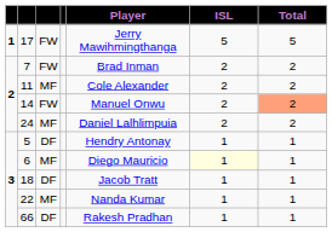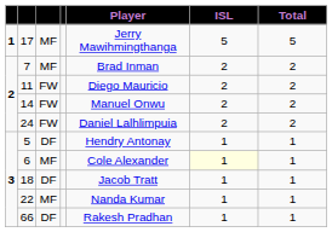 <table class="wikitable" style="font-size: 95%; text-align: center;">
 <tr>
 <th rowspan="1" style="background:#000000; color:#C47CD2; !width=15"></th>
 <th rowspan="1" style="background:#000000; color:#C47CD2; !width=15"></th>
 <th rowspan="1" style="background:#000000; color:#C47CD2; !width=15"></th>
 <th rowspan="1" style="background:#000000; color:#C47CD2; !width=15"></th>
 <th width=150 style="background:#000000; color:#C47CD2;">Player</th>
 <th width=80 style="background:#000000; color:#C47CD2;">ISL</th>
 <th width=80 style="background:#000000; color:#C47CD2;">Total</th>
 </tr>
 <tr>
 <td rowspan=1><strong>1</strong></td>
 <td>17</td>
-<td>FW</td>
+<td>MF</td>
 <td></td>
 <td><a href='#'>Jerry Mawihmingthanga</a></td>
 <td>5</td>
 <td>5</td>
 </tr>
 <tr>
 <td rowspan=4><strong>2</strong></td>
 <td>7</td>
-<td>FW</td>
+<td>MF</td>
 <td></td>
 <td><a href='#'>Brad Inman</a></td>
 <td>2</td>
 <td>2</td>
 </tr>
 <tr>
 <td>11</td>
-<td>MF</td>
+<td>FW</td>
 <td></td>
-<td><a href='#'>Cole Alexander</a></td>
+<td><a href='#'>Diego Mauricio</a></td>
 <td>2</td>
 <td>2</td>
 </tr>
 <tr>
 <td>14</td>
 <td>FW</td>
 <td></td>
 <td><a href='#'>Manuel Onwu</a></td>
 <td>2</td>
-<td style="background: lightsalmon;">2</td>
+<td>2</td>
 </tr>
 <tr>
 <td>24</td>
-<td>MF</td>
+<td>FW</td>
 <td></td>
 <td><a href='#'>Daniel Lalhlimpuia</a></td>
 <td>2</td>
 <td>2</td>
 </tr>
 <tr>
 <td rowspan=5><strong>3</strong></td>
 <td>5</td>
 <td>DF</td>
 <td></td>
 <td><a href='#'>Hendry Antonay</a></td>
 <td>1</td>
 <td>1</td>
 </tr>
 <tr>
 <td>6</td>
 <td>MF</td>
 <td></td>
-<td><a href='#'>Diego Mauricio</a></td>
+<td><a href='#'>Cole Alexander</a></td>
 <td style="background: lightyellow;">1</td>
 <td>1</td>
 </tr>
 <tr>
 <td>18</td>
 <td>DF</td>
 <td></td>
 <td><a href='#'>Jacob Tratt</a></td>
 <td>1</td>
 <td>1</td>
 </tr>
 <tr>
 <td>22</td>
 <td>MF</td>
 <td></td>
 <td><a href='#'>Nanda Kumar</a></td>
 <td>1</td>
 <td>1</td>
 </tr>
 <tr>
 <td>66</td>
 <td>DF</td>
 <td></td>
 <td><a href='#'>Rakesh Pradhan</a></td>
 <td>1</td>
 <td>1</td>
 </tr>
 </table>
